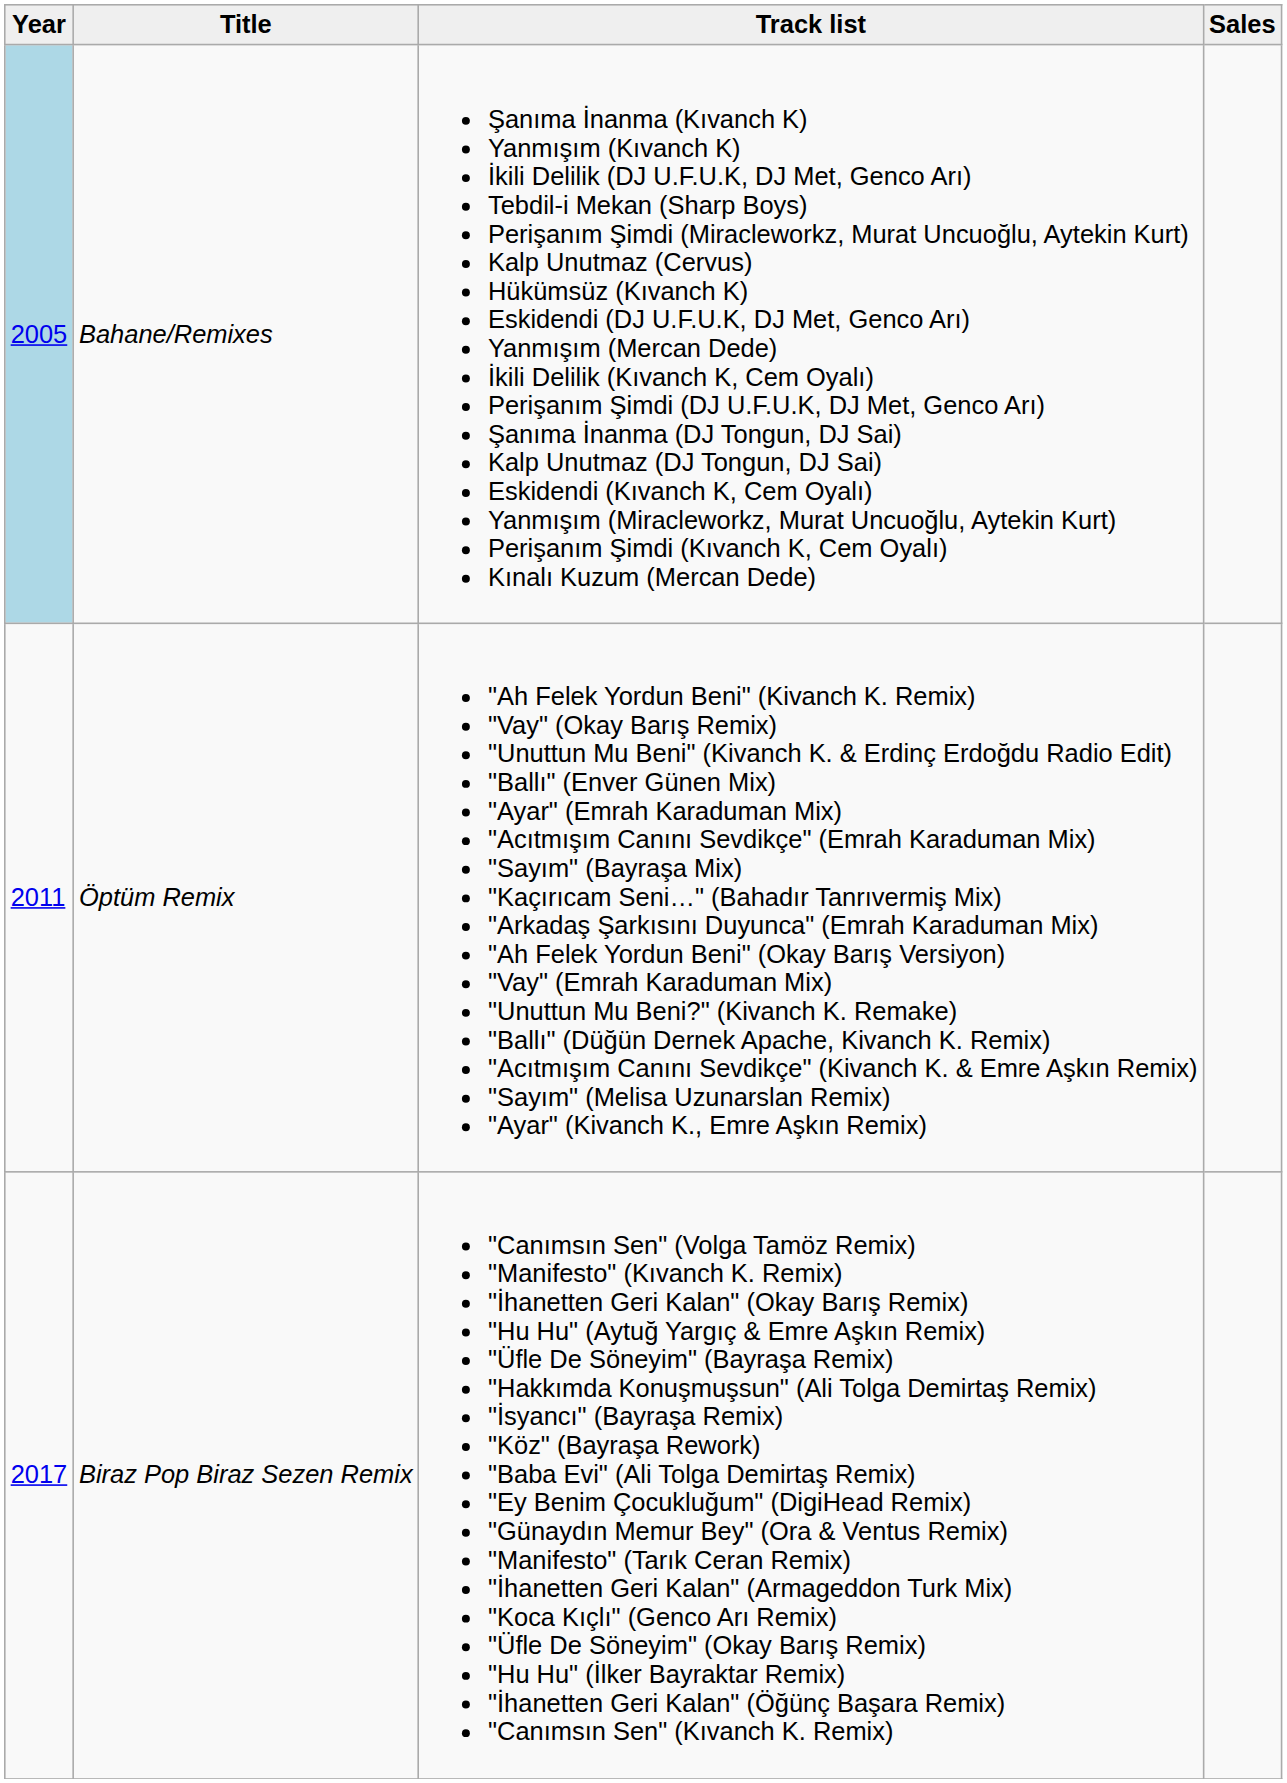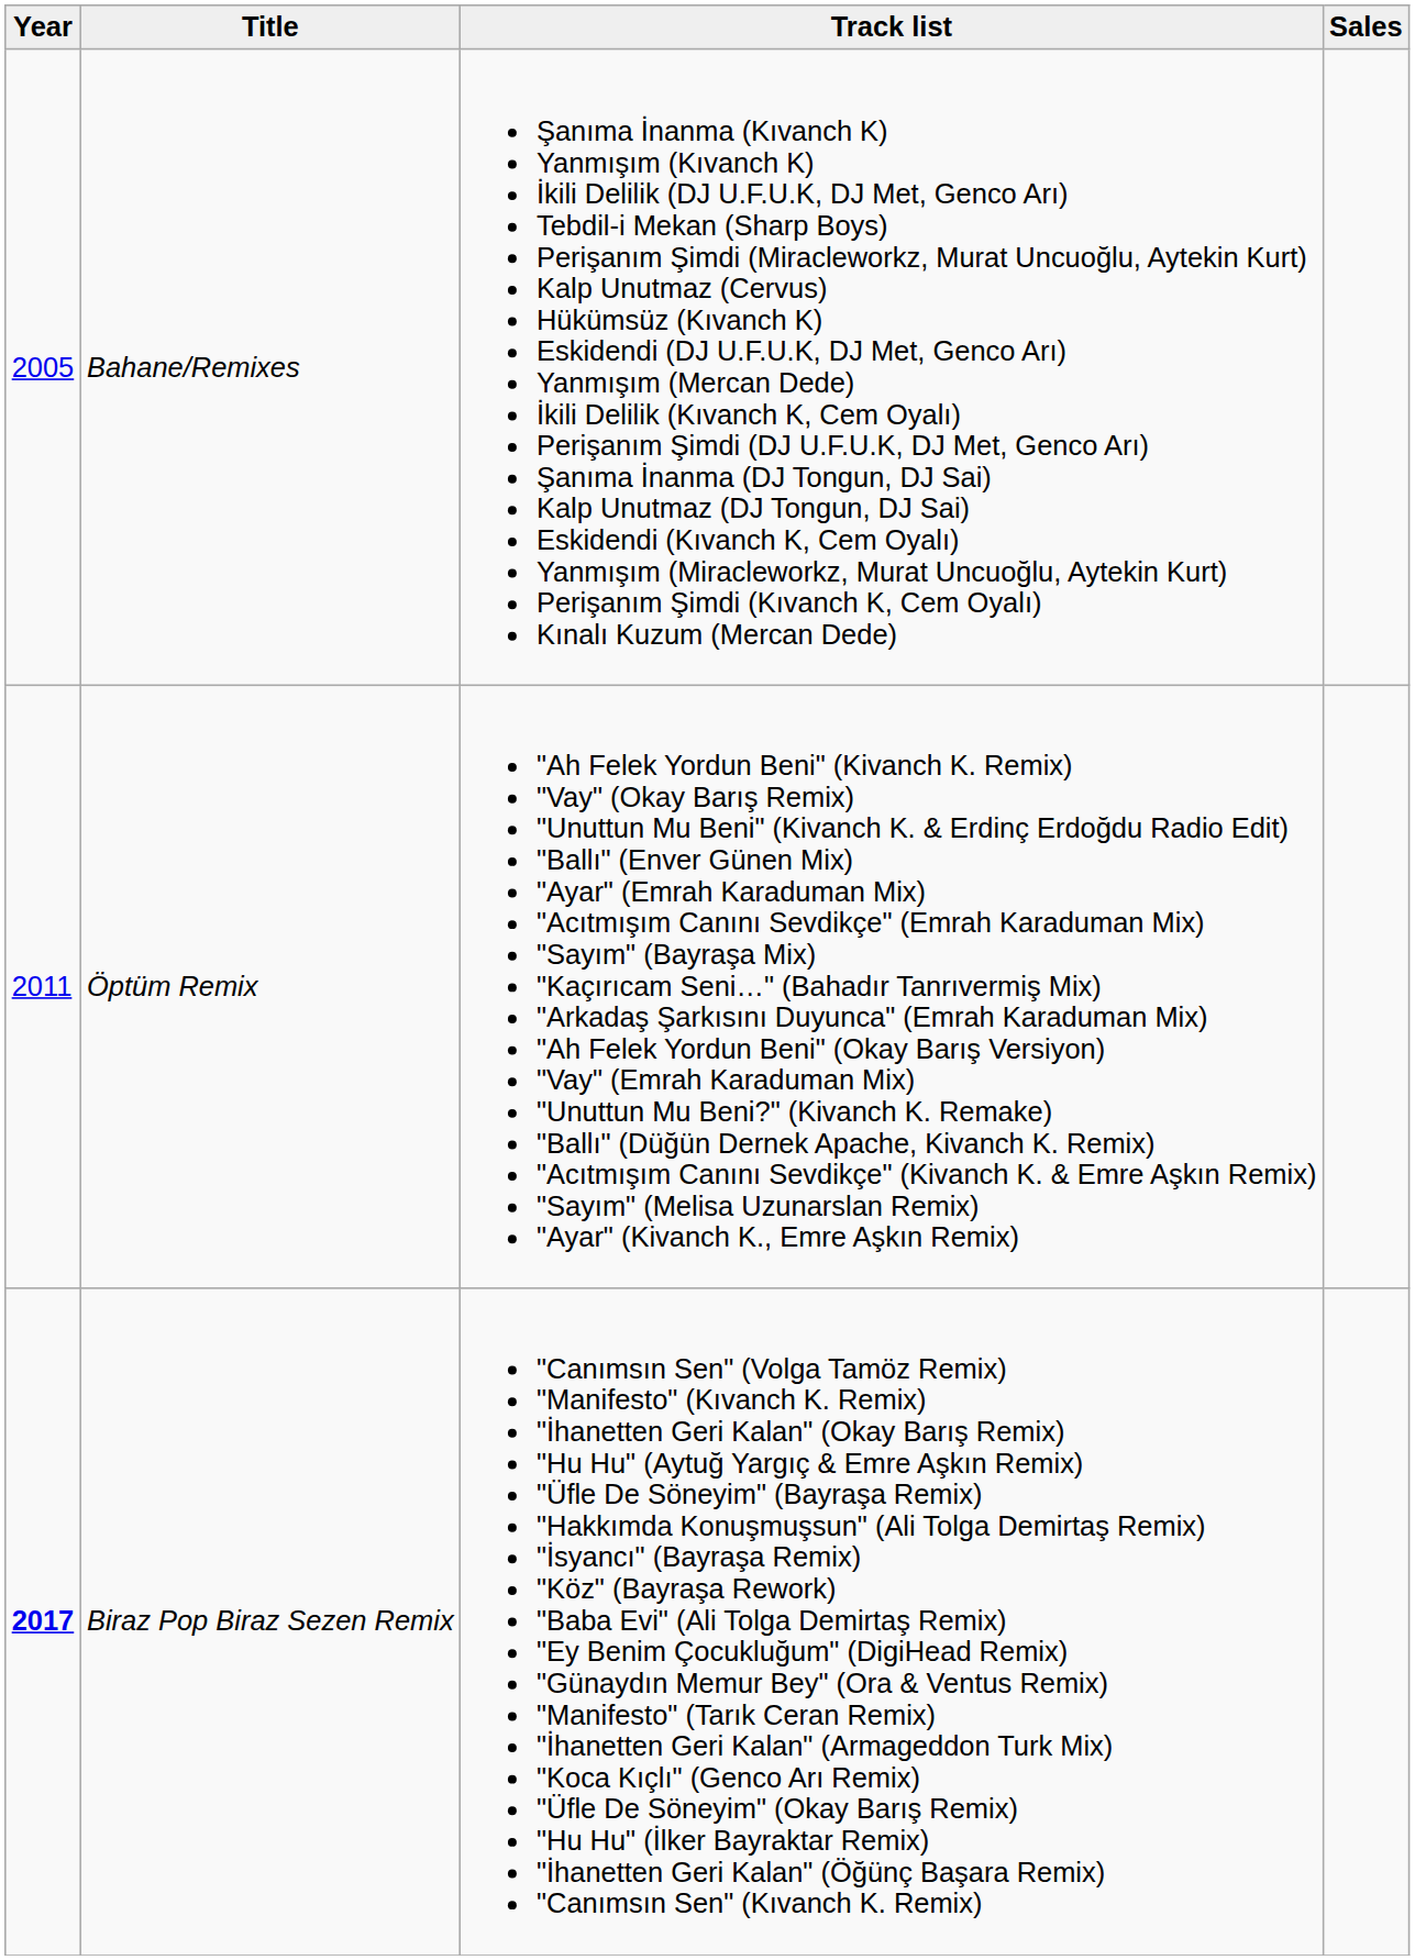 <table class="wikitable">
 <tr>
 <th style="background:#efefef;">Year</th>
 <th style="background:#efefef;">Title</th>
 <th style="background:#efefef;">Track list</th>
 <th style="background:#efefef;">Sales</th>
 </tr>
 <tr>
-<td style="background: lightblue;"><a href='#'>2005</a></td>
+<td><a href='#'>2005</a></td>
 <td><em>Bahane/Remixes</em></td>
 <td><br><ul><li>Şanıma İnanma (Kıvanch K)</li><li>Yanmışım (Kıvanch K)</li><li>İkili Delilik (DJ U.F.U.K, DJ Met, Genco Arı)</li><li>Tebdil-i Mekan (Sharp Boys)</li><li>Perişanım Şimdi (Miracleworkz, Murat Uncuoğlu, Aytekin Kurt)</li><li>Kalp Unutmaz (Cervus)</li><li>Hükümsüz (Kıvanch K)</li><li>Eskidendi (DJ U.F.U.K, DJ Met, Genco Arı)</li><li>Yanmışım (Mercan Dede)</li><li>İkili Delilik (Kıvanch K, Cem Oyalı)</li><li>Perişanım Şimdi (DJ U.F.U.K, DJ Met, Genco Arı)</li><li>Şanıma İnanma (DJ Tongun, DJ Sai)</li><li>Kalp Unutmaz (DJ Tongun, DJ Sai)</li><li>Eskidendi (Kıvanch K, Cem Oyalı)</li><li>Yanmışım (Miracleworkz, Murat Uncuoğlu, Aytekin Kurt)</li><li>Perişanım Şimdi (Kıvanch K, Cem Oyalı)</li><li>Kınalı Kuzum (Mercan Dede)</li></ul></td>
 <td></td>
 </tr>
 <tr>
 <td><a href='#'>2011</a></td>
 <td><em>Öptüm Remix</em></td>
 <td><br><ul><li>"Ah Felek Yordun Beni" (Kivanch K. Remix)</li><li>"Vay" (Okay Barış Remix)</li><li>"Unuttun Mu Beni" (Kivanch K. & Erdinç Erdoğdu Radio Edit)</li><li>"Ballı" (Enver Günen Mix)</li><li>"Ayar" (Emrah Karaduman Mix)</li><li>"Acıtmışım Canını Sevdikçe" (Emrah Karaduman Mix)</li><li>"Sayım" (Bayraşa Mix)</li><li>"Kaçırıcam Seni…" (Bahadır Tanrıvermiş Mix)</li><li>"Arkadaş Şarkısını Duyunca" (Emrah Karaduman Mix)</li><li>"Ah Felek Yordun Beni" (Okay Barış Versiyon)</li><li>"Vay" (Emrah Karaduman Mix)</li><li>"Unuttun Mu Beni?" (Kivanch K. Remake)</li><li>"Ballı" (Düğün Dernek Apache, Kivanch K. Remix)</li><li>"Acıtmışım Canını Sevdikçe" (Kivanch K. & Emre Aşkın Remix)</li><li>"Sayım" (Melisa Uzunarslan Remix)</li><li>"Ayar" (Kivanch K., Emre Aşkın Remix)</li></ul></td>
 <td></td>
 </tr>
 <tr>
-<td><a href='#'>2017</a></td>
+<td><strong><a href='#'>2017</a></strong></td>
 <td><em>Biraz Pop Biraz Sezen Remix</em></td>
 <td><br><ul><li>"Canımsın Sen" (Volga Tamöz Remix)</li><li>"Manifesto" (Kıvanch K. Remix)</li><li>"İhanetten Geri Kalan" (Okay Barış Remix)</li><li>"Hu Hu" (Aytuğ Yargıç & Emre Aşkın Remix)</li><li>"Üfle De Söneyim" (Bayraşa Remix)</li><li>"Hakkımda Konuşmuşsun" (Ali Tolga Demirtaş Remix)</li><li>"İsyancı" (Bayraşa Remix)</li><li>"Köz" (Bayraşa Rework)</li><li>"Baba Evi" (Ali Tolga Demirtaş Remix)</li><li>"Ey Benim Çocukluğum" (DigiHead Remix)</li><li>"Günaydın Memur Bey" (Ora & Ventus Remix)</li><li>"Manifesto" (Tarık Ceran Remix)</li><li>"İhanetten Geri Kalan" (Armageddon Turk Mix)</li><li>"Koca Kıçlı" (Genco Arı Remix)</li><li>"Üfle De Söneyim" (Okay Barış Remix)</li><li>"Hu Hu" (İlker Bayraktar Remix)</li><li>"İhanetten Geri Kalan" (Öğünç Başara Remix)</li><li>"Canımsın Sen" (Kıvanch K. Remix)</li></ul></td>
 <td></td>
 </tr>
 <tr>
 </tr>
 </table>
